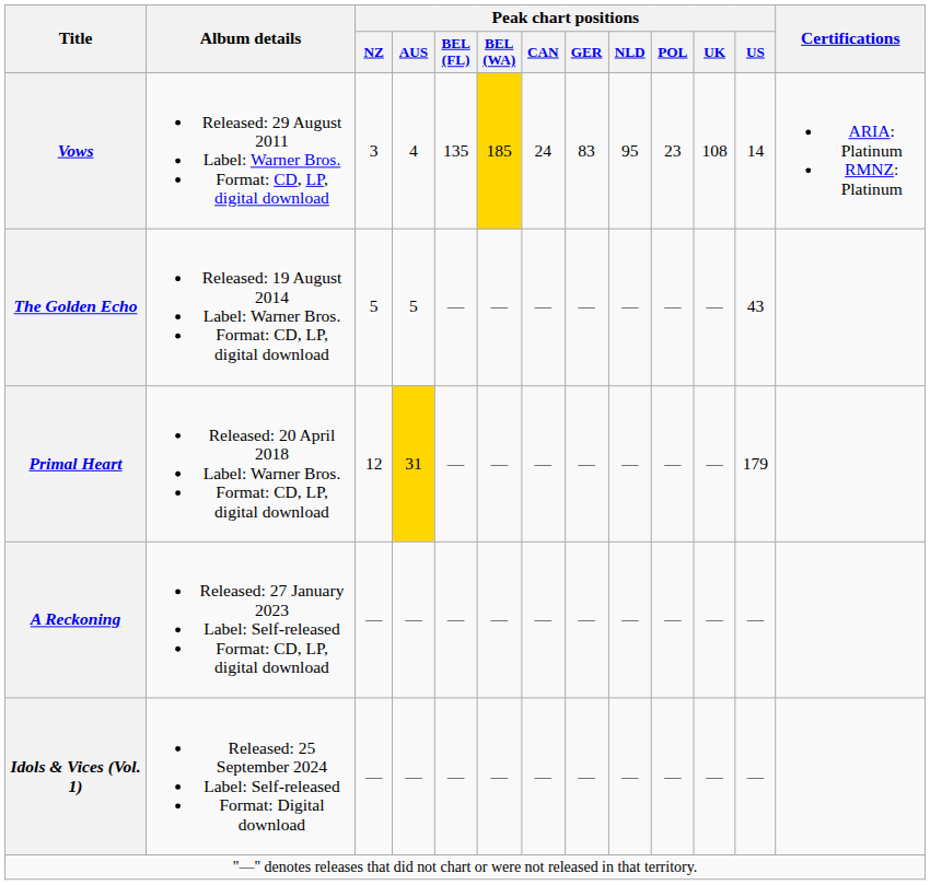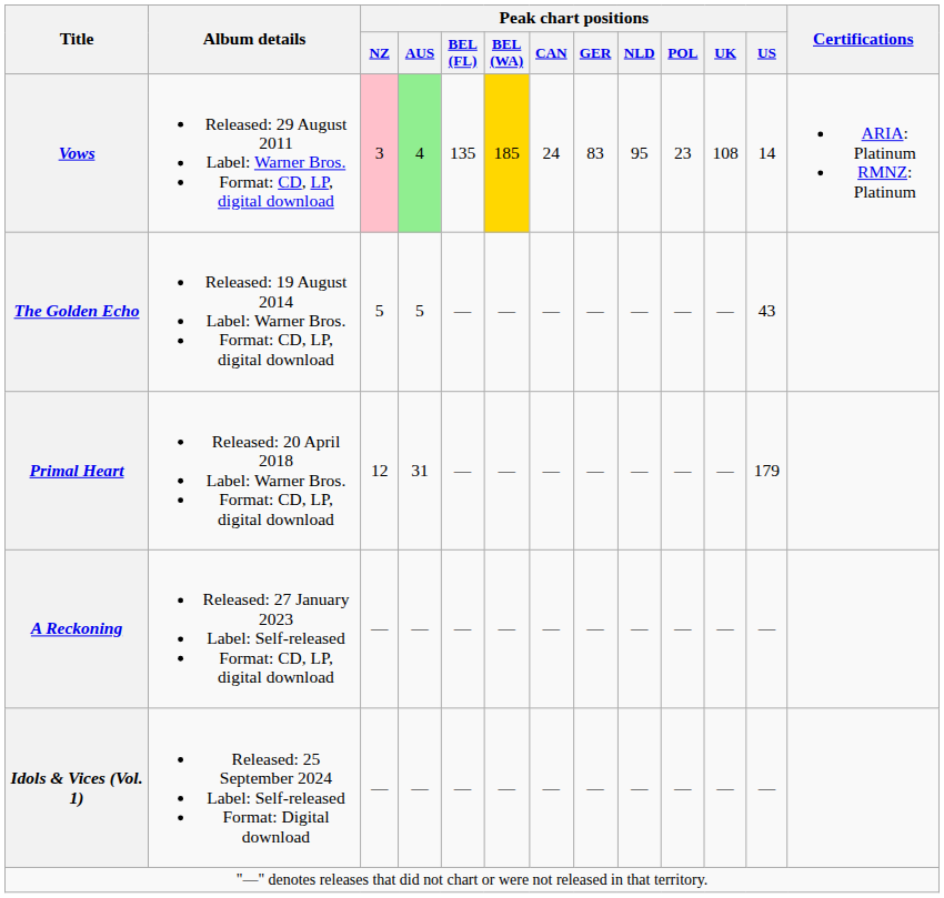 <table class="wikitable plainrowheaders" style="text-align:center;">
 <tr>
 <th scope="col" rowspan="2" style="width:12em;">Title</th>
 <th scope="col" rowspan="2" style="width:18em;">Album details</th>
 <th scope="col" colspan="10">Peak chart positions</th>
 <th scope="col" rowspan="2" style="width:11em;"><a href='#'>Certifications</a></th>
 </tr>
 <tr>
 <th scope="col" style="width:3em;font-size:85%;"><a href='#'>NZ</a><br></th>
 <th scope="col" style="width:3em;font-size:85%;"><a href='#'>AUS</a><br></th>
 <th scope="col" style="width:3em;font-size:85%;"><a href='#'>BEL<br>(FL)</a><br></th>
 <th scope="col" style="width:3em;font-size:85%;"><a href='#'>BEL<br>(WA)</a><br></th>
 <th scope="col" style="width:3em;font-size:85%;"><a href='#'>CAN</a><br></th>
 <th scope="col" style="width:3em;font-size:85%;"><a href='#'>GER</a><br></th>
 <th scope="col" style="width:3em;font-size:85%;"><a href='#'>NLD</a><br></th>
 <th scope="col" style="width:3em;font-size:85%;"><a href='#'>POL</a><br></th>
 <th scope="col" style="width:3em;font-size:85%;"><a href='#'>UK</a><br></th>
 <th scope="col" style="width:3em;font-size:85%;"><a href='#'>US</a><br></th>
 </tr>
 <tr>
 <th scope="row"><em><a href='#'>Vows</a></em></th>
 <td><br><ul><li>Released: 29 August 2011</li><li>Label: <a href='#'>Warner Bros.</a></li><li>Format: <a href='#'>CD</a>, <a href='#'>LP</a>, <a href='#'>digital download</a></li></ul></td>
-<td>3</td>
-<td>4</td>
+<td style="background: pink;">3</td>
+<td style="background: lightgreen;">4</td>
 <td>135</td>
 <td style="background: gold;">185</td>
 <td>24</td>
 <td>83</td>
 <td>95</td>
 <td>23</td>
 <td>108</td>
 <td>14</td>
 <td><br><ul><li><a href='#'>ARIA</a>: Platinum</li><li><a href='#'>RMNZ</a>: Platinum</li></ul></td>
 </tr>
 <tr>
 <th scope="row"><em><a href='#'>The Golden Echo</a></em></th>
 <td><br><ul><li>Released: 19 August 2014</li><li>Label: Warner Bros.</li><li>Format: CD, LP, digital download</li></ul></td>
 <td>5</td>
 <td>5</td>
 <td>—</td>
 <td>—</td>
 <td>—</td>
 <td>—</td>
 <td>—</td>
 <td>—</td>
 <td>—</td>
 <td>43</td>
 <td></td>
 </tr>
 <tr>
 <th scope="row"><em><a href='#'>Primal Heart</a></em></th>
 <td><br><ul><li>Released: 20 April 2018</li><li>Label: Warner Bros.</li><li>Format: CD, LP, digital download</li></ul></td>
 <td>12</td>
-<td style="background: gold;">31</td>
+<td>31</td>
 <td>—</td>
 <td>—</td>
 <td>—</td>
 <td>—</td>
 <td>—</td>
 <td>—</td>
 <td>—</td>
 <td>179</td>
 <td></td>
 </tr>
 <tr>
 <th scope="row"><em><a href='#'>A Reckoning</a></em></th>
 <td><br><ul><li>Released: 27 January 2023</li><li>Label: Self-released</li><li>Format: CD, LP, digital download</li></ul></td>
 <td>—</td>
 <td>—</td>
 <td>—</td>
 <td>—</td>
 <td>—</td>
 <td>—</td>
 <td>—</td>
 <td>—</td>
 <td>—</td>
 <td>—</td>
 <td></td>
 </tr>
 <tr>
 <th scope="row"><em>Idols & Vices (Vol. 1)</em></th>
 <td><br><ul><li>Released: 25 September 2024</li><li>Label: Self-released</li><li>Format: Digital download</li></ul></td>
 <td>—</td>
 <td>—</td>
 <td>—</td>
 <td>—</td>
 <td>—</td>
 <td>—</td>
 <td>—</td>
 <td>—</td>
 <td>—</td>
 <td>—</td>
 <td></td>
 </tr>
 <tr>
 <td colspan="14" style="font-size:90%">"—" denotes releases that did not chart or were not released in that territory.</td>
 </tr>
 </table>
